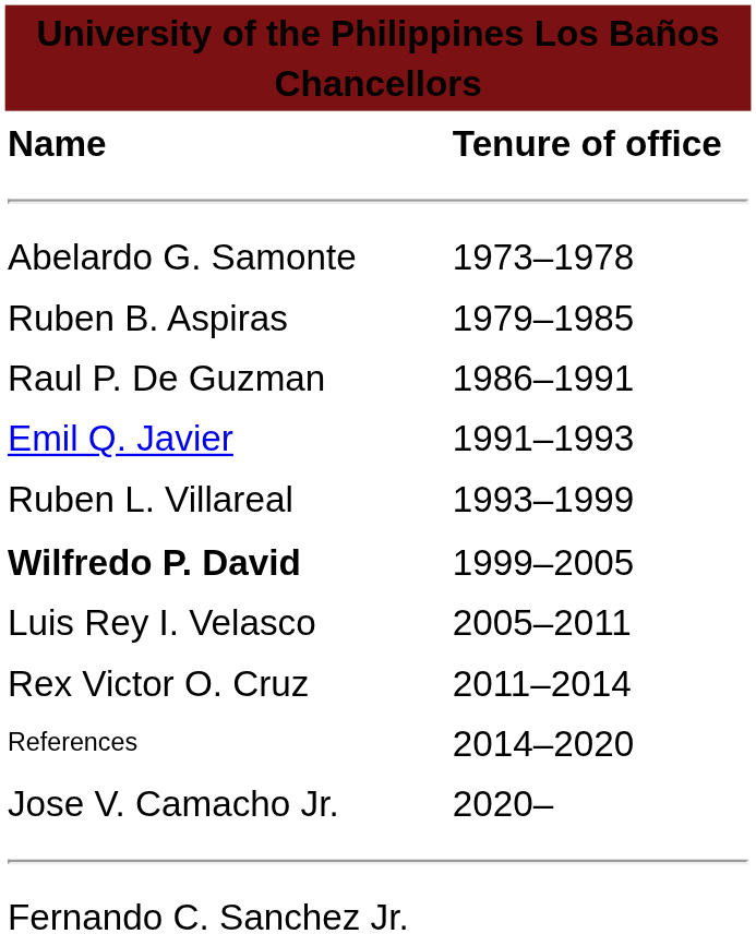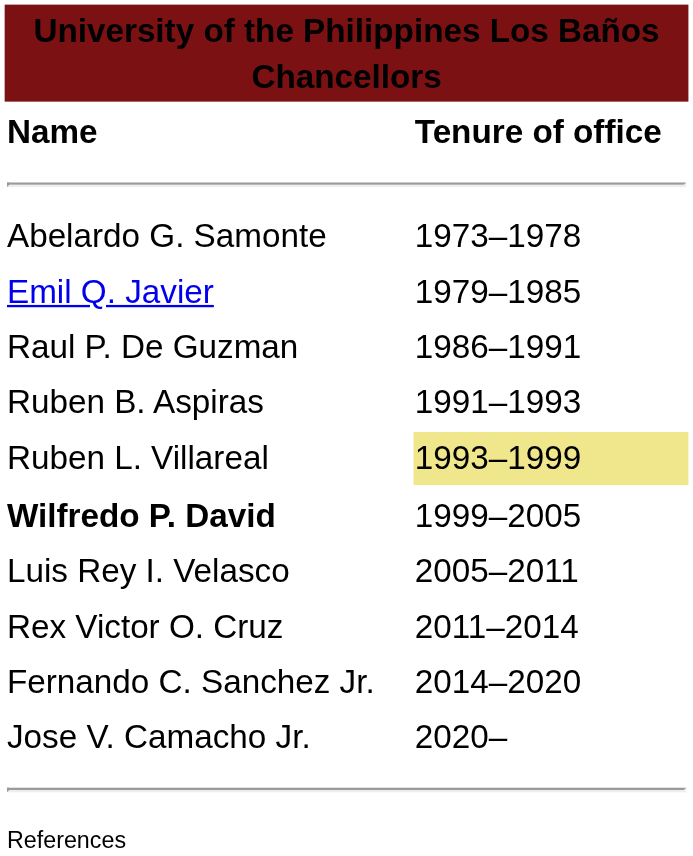 <table class="toccolours" style="float:right; margin-left:1em; font-size:90%; line-height:1.4em; width:300px;">
 <tr>
 <th colspan="2" style="text-align:center; background:#7b1113;"><span><strong>University of the Philippines Los Baños Chancellors</strong></span></th>
 </tr>
 <tr>
 <td><strong>Name</strong></td>
 <td><strong>Tenure of office</strong></td>
 </tr>
 <tr>
 <td colspan="2"><hr></td>
 </tr>
 <tr>
 <td>Abelardo G. Samonte</td>
 <td>1973–1978</td>
 </tr>
 <tr>
-<td>Ruben B. Aspiras</td>
+<td><a href='#'>Emil Q. Javier</a></td>
 <td>1979–1985</td>
 </tr>
 <tr>
 <td>Raul P. De Guzman</td>
 <td>1986–1991</td>
 </tr>
 <tr>
-<td><a href='#'>Emil Q. Javier</a></td>
+<td>Ruben B. Aspiras</td>
 <td>1991–1993</td>
 </tr>
 <tr>
 <td>Ruben L. Villareal</td>
-<td>1993–1999</td>
+<td style="background: khaki;">1993–1999</td>
 </tr>
 <tr>
 <td><strong>Wilfredo P. David</strong></td>
 <td>1999–2005</td>
 </tr>
 <tr>
 <td>Luis Rey I. Velasco</td>
 <td>2005–2011</td>
 </tr>
 <tr>
 <td>Rex Victor O. Cruz</td>
 <td>2011–2014</td>
 </tr>
 <tr>
-<td style="font-size:70%">References</td>
+<td>Fernando C. Sanchez Jr.</td>
 <td>2014–2020</td>
 </tr>
 <tr>
 <td>Jose V. Camacho Jr.</td>
 <td>2020–</td>
 </tr>
 <tr>
 <td colspan="2"><hr></td>
 </tr>
 <tr>
-<td>Fernando C. Sanchez Jr.</td>
+<td style="font-size:70%">References</td>
 <td></td>
 </tr>
 </table>
